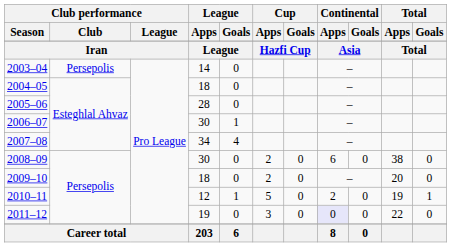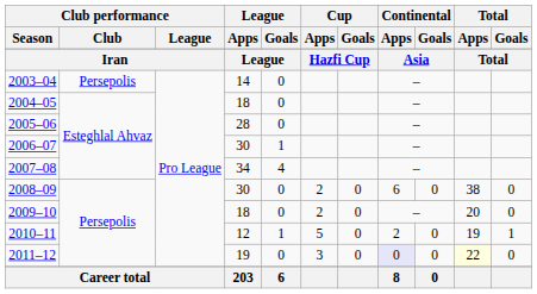 <table class="wikitable" style="text-align:center">
 <tr>
 <th colspan=3>Club performance</th>
 <th colspan=2>League</th>
 <th colspan=2>Cup</th>
 <th colspan=2>Continental</th>
 <th colspan=2>Total</th>
 </tr>
 <tr>
 <th>Season</th>
 <th>Club</th>
 <th>League</th>
 <th>Apps</th>
 <th>Goals</th>
 <th>Apps</th>
 <th>Goals</th>
 <th>Apps</th>
 <th>Goals</th>
 <th>Apps</th>
 <th>Goals</th>
 </tr>
 <tr>
 </tr>
 <tr>
 <th colspan=3>Iran</th>
 <th colspan=2>League</th>
 <th colspan=2><a href='#'>Hazfi Cup</a></th>
 <th colspan=2><a href='#'>Asia</a></th>
 <th colspan=2>Total</th>
 </tr>
 <tr>
 <td><a href='#'>2003–04</a></td>
 <td rowspan="1"><a href='#'>Persepolis</a></td>
 <td rowspan="9"><a href='#'>Pro League</a></td>
 <td>14</td>
 <td>0</td>
 <td></td>
 <td></td>
 <td colspan="2">–</td>
 <td></td>
 <td></td>
 </tr>
 <tr>
 <td><a href='#'>2004–05</a></td>
 <td rowspan="4"><a href='#'>Esteghlal Ahvaz</a></td>
 <td>18</td>
 <td>0</td>
 <td></td>
 <td></td>
 <td colspan="2">–</td>
 <td></td>
 <td></td>
 </tr>
 <tr>
 <td><a href='#'>2005–06</a></td>
 <td>28</td>
 <td>0</td>
 <td></td>
 <td></td>
 <td colspan="2">–</td>
 <td></td>
 <td></td>
 </tr>
 <tr>
 <td><a href='#'>2006–07</a></td>
 <td>30</td>
 <td>1</td>
 <td></td>
 <td></td>
 <td colspan="2">–</td>
 <td></td>
 <td></td>
 </tr>
 <tr>
 <td><a href='#'>2007–08</a></td>
 <td>34</td>
 <td>4</td>
 <td></td>
 <td></td>
 <td colspan="2">–</td>
 <td></td>
 <td></td>
 </tr>
 <tr>
 <td><a href='#'>2008–09</a></td>
 <td rowspan="4"><a href='#'>Persepolis</a></td>
 <td>30</td>
 <td>0</td>
 <td>2</td>
 <td>0</td>
 <td>6</td>
 <td>0</td>
 <td>38</td>
 <td>0</td>
 </tr>
 <tr>
 <td><a href='#'>2009–10</a></td>
 <td>18</td>
 <td>0</td>
 <td>2</td>
 <td>0</td>
 <td colspan="2">–</td>
 <td>20</td>
 <td>0</td>
 </tr>
 <tr>
 <td><a href='#'>2010–11</a></td>
 <td>12</td>
 <td>1</td>
 <td>5</td>
 <td>0</td>
 <td>2</td>
 <td>0</td>
 <td>19</td>
 <td>1</td>
 </tr>
 <tr>
 <td><a href='#'>2011–12</a></td>
 <td>19</td>
 <td>0</td>
 <td>3</td>
 <td>0</td>
 <td style="background: lavender;">0</td>
 <td>0</td>
-<td>22</td>
+<td style="background: lightyellow;">22</td>
 <td>0</td>
 </tr>
 <tr>
 </tr>
 <tr>
 <th colspan=3>Career total</th>
 <th>203</th>
 <th>6</th>
 <th></th>
 <th></th>
 <th>8</th>
 <th>0</th>
 <th></th>
 <th></th>
 </tr>
 </table>
